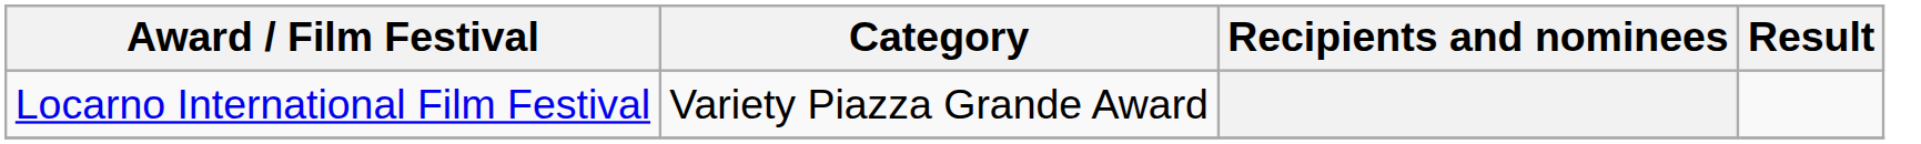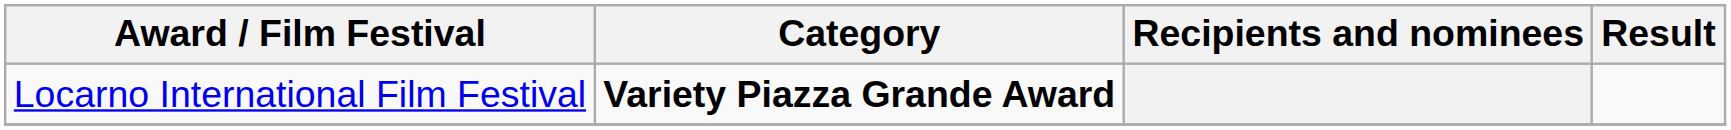 <table class="wikitable plainrowheaders sortable">
 <tr style="background:#ccc; text-align:center;">
 <th scope="col">Award / Film Festival</th>
 <th scope="col">Category</th>
 <th scope="col">Recipients and nominees</th>
 <th scope="col">Result</th>
 </tr>
 <tr>
 <td><a href='#'>Locarno International Film Festival</a></td>
-<td>Variety Piazza Grande Award</td>
+<td><strong>Variety Piazza Grande Award</strong></td>
 <th></th>
 <td></td>
 </tr>
 <tr>
 </tr>
 </table>
